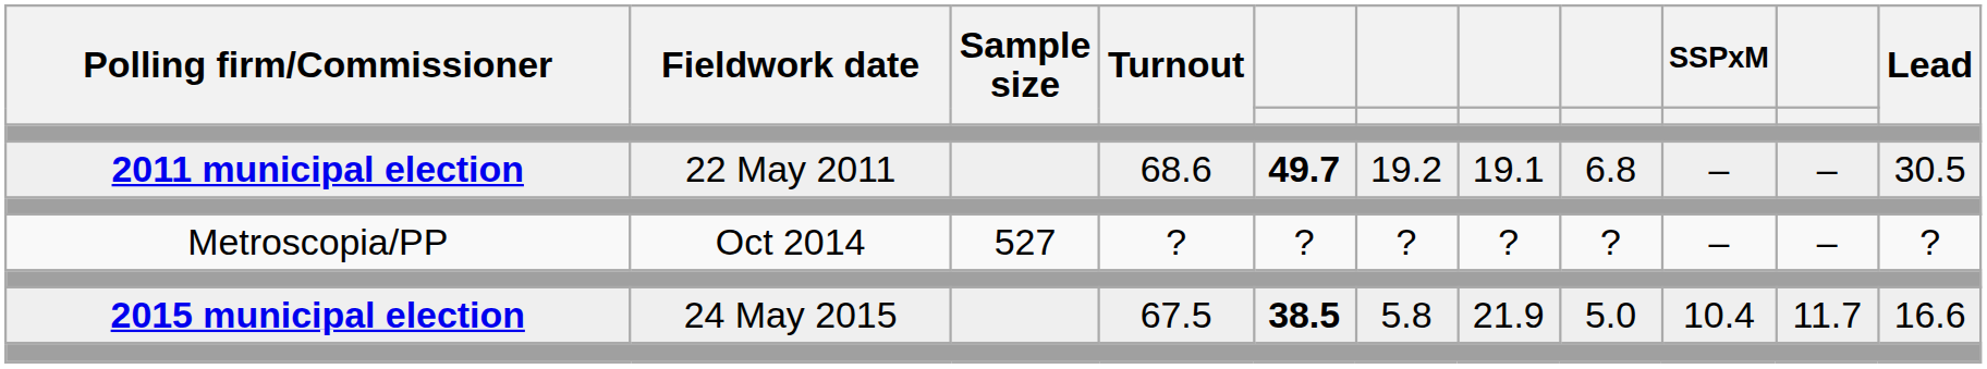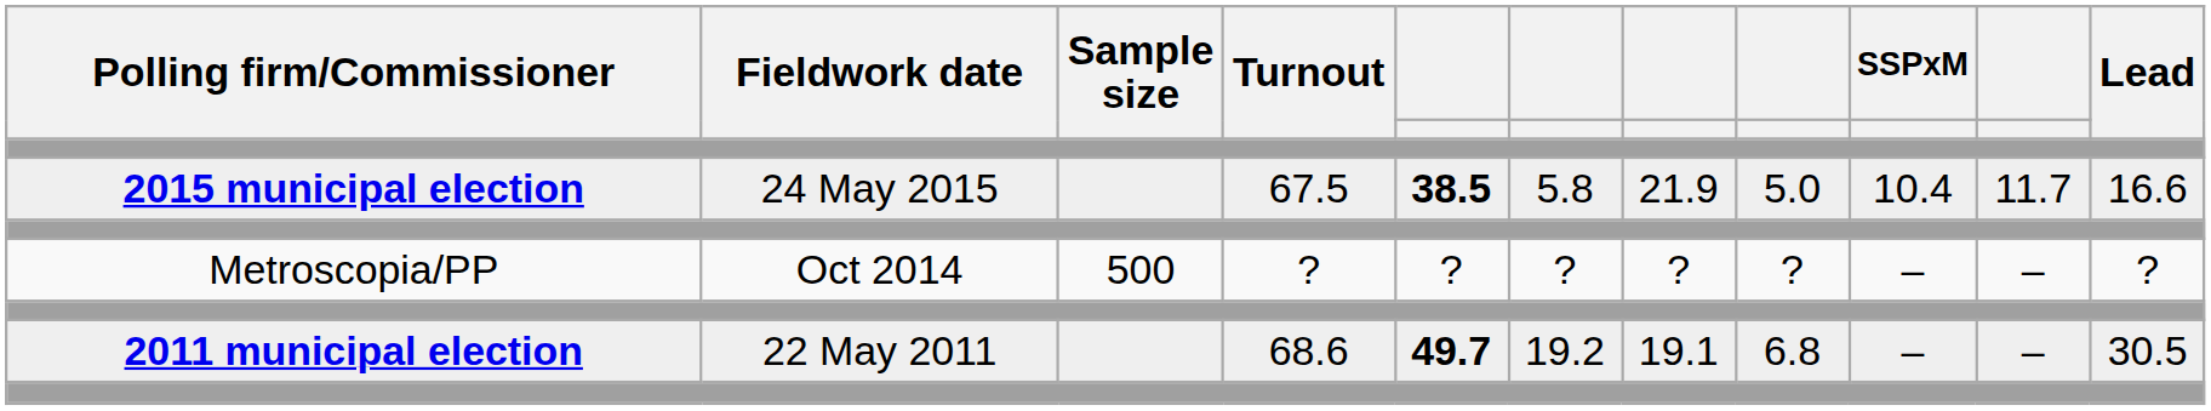 <table class="wikitable collapsible collapsed" style="text-align:center; font-size:95%; line-height:16px;">
 <tr style="height:42px;">
 <th style="width:250px;" rowspan="2">Polling firm/Commissioner</th>
 <th style="width:125px;" rowspan="2">Fieldwork date</th>
 <th style="width:50px;" rowspan="2">Sample size</th>
 <th style="width:45px;" rowspan="2">Turnout</th>
 <th style="width:35px;"></th>
 <th style="width:35px;"></th>
 <th style="width:35px;"></th>
 <th style="width:35px;"></th>
 <th style="width:35px; font-size:80%;">SSPxM</th>
 <th style="width:35px;"></th>
 <th style="width:30px;" rowspan="2">Lead</th>
 </tr>
 <tr>
 <th style="color:inherit;background:"></th>
 <th style="color:inherit;background:"></th>
 <th style="color:inherit;background:"></th>
 <th style="color:inherit;background:"></th>
 <th style="color:inherit;background:"></th>
 <th style="color:inherit;background:"></th>
 </tr>
 <tr>
 <td colspan="11" style="background:#A0A0A0"></td>
 </tr>
 <tr style="background:#EFEFEF;">
+<td><strong><a href='#'>2015 municipal election</a></strong></td>
+<td>24 May 2015</td>
+<td></td>
+<td>67.5</td>
+<td><strong>38.5</strong><br></td>
+<td>5.8<br></td>
+<td>21.9<br></td>
+<td>5.0<br></td>
+<td>10.4<br></td>
+<td>11.7<br></td>
+<td style="background:">16.6</td>
+</tr>
+<tr>
+<td colspan="11" style="background:#A0A0A0"></td>
+</tr>
+<tr>
+<td>Metroscopia/PP</td>
+<td>Oct 2014</td>
+<td>500</td>
+<td>?</td>
+<td>?<br></td>
+<td>?<br></td>
+<td>?<br></td>
+<td>?<br></td>
+<td>–</td>
+<td>–</td>
+<td style="background:">?</td>
+</tr>
+<tr>
+<td colspan="11" style="background:#A0A0A0"></td>
+</tr>
+<tr style="background:#EFEFEF;">
 <td><strong><a href='#'>2011 municipal election</a></strong></td>
 <td>22 May 2011</td>
 <td></td>
 <td>68.6</td>
 <td><strong>49.7</strong><br></td>
 <td>19.2<br></td>
 <td>19.1<br></td>
 <td>6.8<br></td>
 <td>–</td>
 <td>–</td>
 <td style="background:">30.5</td>
 </tr>
 <tr>
 <td colspan="11" style="background:#A0A0A0"></td>
 </tr>
-<tr>
-<td>Metroscopia/PP</td>
-<td>Oct 2014</td>
-<td>527</td>
-<td>?</td>
-<td>?<br></td>
-<td>?<br></td>
-<td>?<br></td>
-<td>?<br></td>
-<td>–</td>
-<td>–</td>
-<td style="background:">?</td>
-</tr>
-<tr>
-<td colspan="11" style="background:#A0A0A0"></td>
-</tr>
-<tr style="background:#EFEFEF;">
-<td><strong><a href='#'>2015 municipal election</a></strong></td>
-<td>24 May 2015</td>
-<td></td>
-<td>67.5</td>
-<td><strong>38.5</strong><br></td>
-<td>5.8<br></td>
-<td>21.9<br></td>
-<td>5.0<br></td>
-<td>10.4<br></td>
-<td>11.7<br></td>
-<td style="background:">16.6</td>
-</tr>
-<tr>
-<td colspan="11" style="background:#A0A0A0"></td>
-</tr>
 </table>
